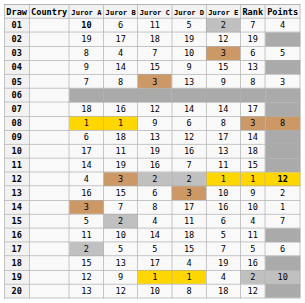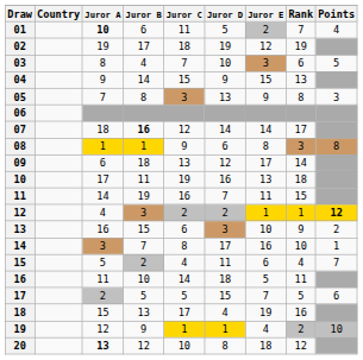 <table class="sortable wikitable collapsible plainrowheaders" style="text-align:center;">
 <tr>
 </tr>
 <tr>
 <th scope="col">Draw</th>
 <th scope="col">Country</th>
 <th scope="col"><small>Juror A</small></th>
 <th scope="col"><small>Juror B</small></th>
 <th scope="col"><small>Juror C</small></th>
 <th scope="col"><small>Juror D</small></th>
 <th scope="col"><small>Juror E</small></th>
 <th scope="col">Rank</th>
 <th scope="col">Points</th>
 </tr>
 <tr>
 <th scope="row" style="text-align:center;">01</th>
 <td style="text-align:left;"></td>
 <td><strong>10</strong></td>
 <td>6</td>
 <td>11</td>
 <td>5</td>
 <td style="background:silver;">2</td>
 <td>7</td>
 <td>4</td>
 </tr>
 <tr>
 <th scope="row" style="text-align:center;">02</th>
 <td style="text-align:left;"></td>
 <td>19</td>
 <td>17</td>
 <td>18</td>
 <td>19</td>
 <td>12</td>
 <td>19</td>
 <td style="background:#AAAAAA;"></td>
 </tr>
 <tr>
 <th scope="row" style="text-align:center;">03</th>
 <td style="text-align:left;"></td>
 <td>8</td>
 <td>4</td>
 <td>7</td>
 <td>10</td>
 <td style="background:#CC9966;">3</td>
 <td>6</td>
 <td>5</td>
 </tr>
 <tr>
 <th scope="row" style="text-align:center;">04</th>
 <td style="text-align:left;"></td>
 <td>9</td>
 <td>14</td>
 <td>15</td>
 <td>9</td>
 <td>15</td>
 <td>13</td>
 <td style="background:#AAAAAA;"></td>
 </tr>
 <tr>
 <th scope="row" style="text-align:center;">05</th>
 <td style="text-align:left;"></td>
 <td>7</td>
 <td>8</td>
 <td style="background:#CC9966;">3</td>
 <td>13</td>
 <td>9</td>
 <td>8</td>
 <td>3</td>
 </tr>
 <tr class="sortbottom">
 <th scope="row" style="text-align:center;">06</th>
 <td style="text-align:left;"></td>
 <td style="background:#AAAAAA;"></td>
 <td style="background:#AAAAAA;"></td>
 <td style="background:#AAAAAA;"></td>
 <td style="background:#AAAAAA;"></td>
 <td style="background:#AAAAAA;"></td>
 <td style="background:#AAAAAA;"></td>
 <td style="background:#AAAAAA;"></td>
 </tr>
 <tr>
 <th scope="row" style="text-align:center;">07</th>
 <td style="text-align:left;"></td>
 <td>18</td>
-<td>16</td>
+<td><strong>16</strong></td>
 <td>12</td>
 <td>14</td>
 <td>14</td>
 <td>17</td>
 <td style="background:#AAAAAA;"></td>
 </tr>
 <tr>
 <th scope="row" style="text-align:center;">08</th>
 <td style="text-align:left;"></td>
 <td style="background:gold;">1</td>
 <td style="background:gold;">1</td>
 <td>9</td>
 <td>6</td>
 <td>8</td>
 <td style="background:#CC9966;">3</td>
 <td style="background:#CC9966;">8</td>
 </tr>
 <tr>
 <th scope="row" style="text-align:center;">09</th>
 <td style="text-align:left;"></td>
 <td>6</td>
 <td>18</td>
 <td>13</td>
 <td>12</td>
 <td>17</td>
 <td>14</td>
 <td style="background:#AAAAAA;"></td>
 </tr>
 <tr>
 <th scope="row" style="text-align:center;">10</th>
 <td style="text-align:left;"></td>
 <td>17</td>
 <td>11</td>
 <td>19</td>
 <td>16</td>
 <td>13</td>
 <td>18</td>
 <td style="background:#AAAAAA;"></td>
 </tr>
 <tr>
 <th scope="row" style="text-align:center;">11</th>
 <td style="text-align:left;"></td>
 <td>14</td>
 <td>19</td>
 <td>16</td>
 <td>7</td>
 <td>11</td>
 <td>15</td>
 <td style="background:#AAAAAA;"></td>
 </tr>
 <tr>
 <th scope="row" style="text-align:center;">12</th>
 <td style="text-align:left;"></td>
 <td>4</td>
 <td style="background:#CC9966;">3</td>
 <td style="background:silver;">2</td>
 <td style="background:silver;">2</td>
 <td style="background:gold;">1</td>
 <td style="background:gold;">1</td>
 <td style="background:gold;"><strong>12</strong></td>
 </tr>
 <tr>
 <th scope="row" style="text-align:center;">13</th>
 <td style="text-align:left;"></td>
 <td>16</td>
 <td>15</td>
 <td>6</td>
 <td style="background:#CC9966;">3</td>
 <td>10</td>
 <td>9</td>
 <td>2</td>
 </tr>
 <tr>
 <th scope="row" style="text-align:center;">14</th>
 <td style="text-align:left;"></td>
 <td style="background:#CC9966;">3</td>
 <td>7</td>
 <td>8</td>
 <td>17</td>
 <td>16</td>
 <td>10</td>
 <td>1</td>
 </tr>
 <tr>
 <th scope="row" style="text-align:center;">15</th>
 <td style="text-align:left;"></td>
 <td>5</td>
 <td style="background:silver;">2</td>
 <td>4</td>
 <td>11</td>
 <td>6</td>
 <td>4</td>
 <td>7</td>
 </tr>
 <tr>
 <th scope="row" style="text-align:center;">16</th>
 <td style="text-align:left;"></td>
 <td>11</td>
 <td>10</td>
 <td>14</td>
 <td>18</td>
 <td>5</td>
 <td>11</td>
 <td style="background:#AAAAAA;"></td>
 </tr>
 <tr>
 <th scope="row" style="text-align:center;">17</th>
 <td style="text-align:left;"></td>
 <td style="background:silver;">2</td>
 <td>5</td>
 <td>5</td>
 <td>15</td>
 <td>7</td>
 <td>5</td>
 <td>6</td>
 </tr>
 <tr>
 <th scope="row" style="text-align:center;">18</th>
 <td style="text-align:left;"></td>
 <td>15</td>
 <td>13</td>
 <td>17</td>
 <td>4</td>
 <td>19</td>
 <td>16</td>
 <td style="background:#AAAAAA;"></td>
 </tr>
 <tr>
 <th scope="row" style="text-align:center;">19</th>
 <td style="text-align:left;"></td>
 <td>12</td>
 <td>9</td>
 <td style="background:gold;">1</td>
 <td style="background:gold;">1</td>
 <td>4</td>
 <td style="background:silver;">2</td>
 <td style="background:silver;">10</td>
 </tr>
 <tr>
 <th scope="row" style="text-align:center;">20</th>
 <td style="text-align:left;"></td>
-<td>13</td>
+<td><strong>13</strong></td>
 <td>12</td>
 <td>10</td>
 <td>8</td>
 <td>18</td>
 <td>12</td>
 <td style="background:#AAAAAA;"></td>
 </tr>
 </table>
